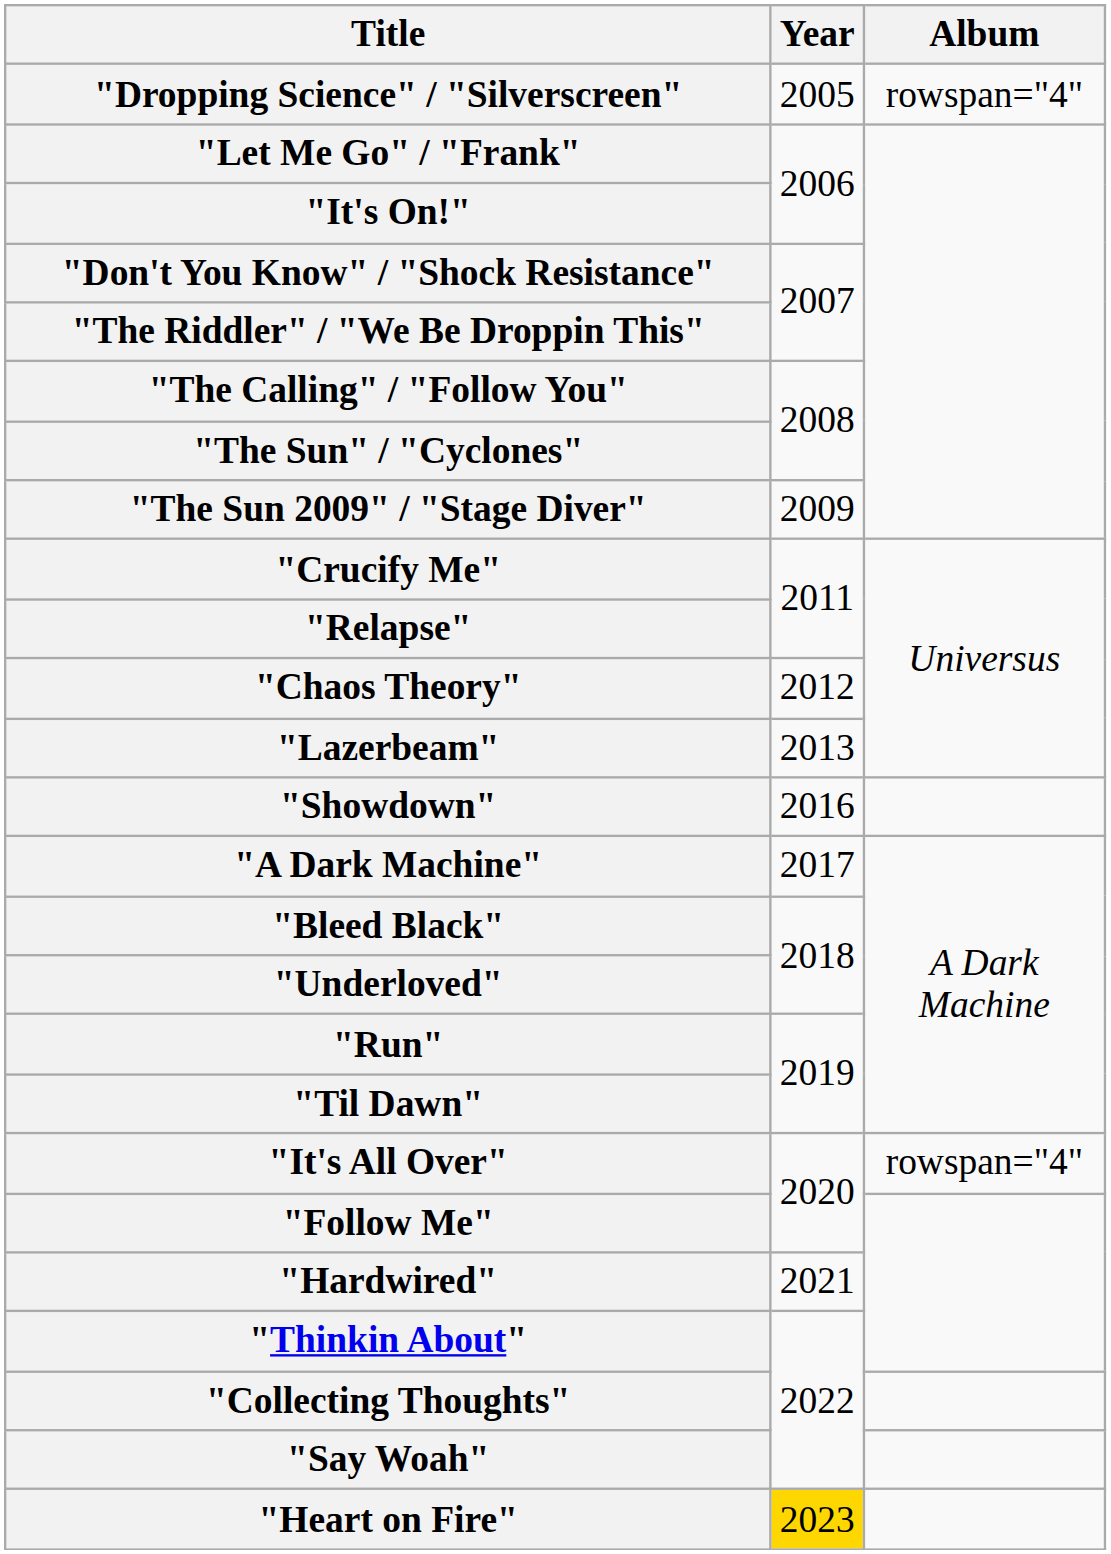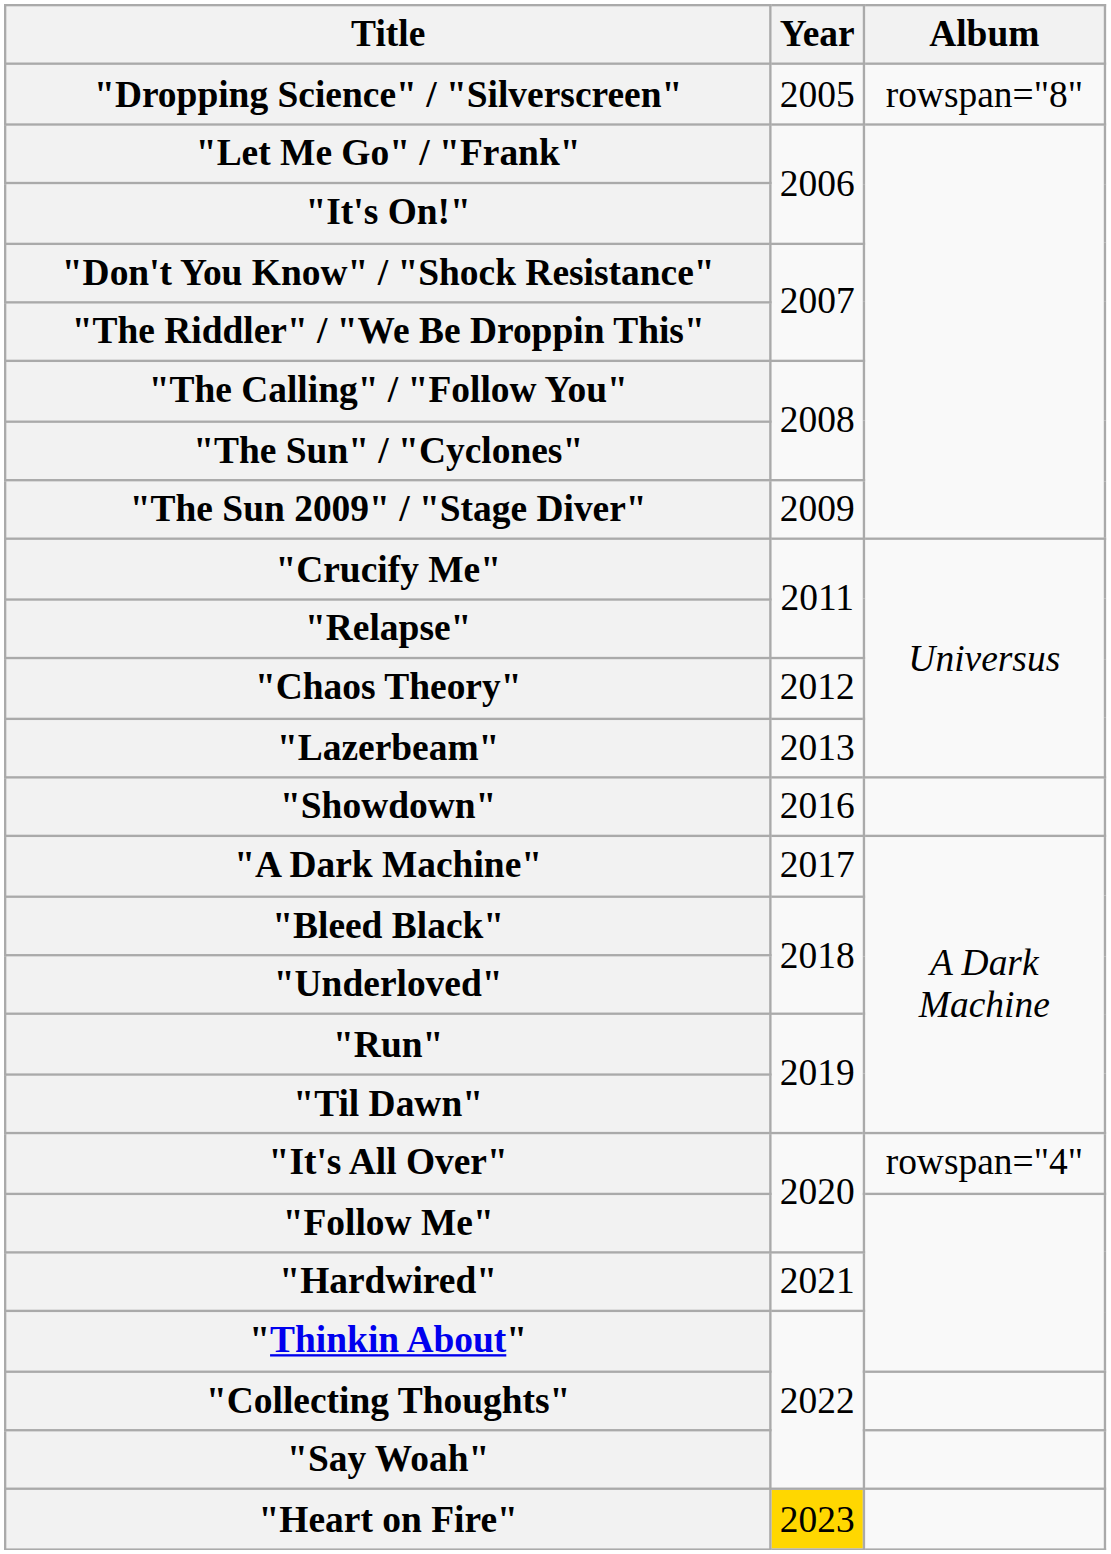 <table class="wikitable plainrowheaders" style="text-align:center;">
 <tr>
 <th scope="col" style="width:20em;">Title</th>
 <th scope="col" style="width:1em;">Year</th>
 <th scope="col" style="width:6em;">Album</th>
 </tr>
 <tr>
 <th scope="row">"Dropping Science" / "Silverscreen"</th>
 <td>2005</td>
-<td>rowspan="4" </td>
+<td>rowspan="8" </td>
 </tr>
 <tr>
 <th scope="row">"Let Me Go" / "Frank"</th>
 <td rowspan="2">2006</td>
 </tr>
 <tr>
 <th scope="row">"It's On!"</th>
 </tr>
 <tr>
 <th scope="row">"Don't You Know" / "Shock Resistance" </th>
 <td rowspan="2">2007</td>
 </tr>
 <tr>
 <th scope="row">"The Riddler" / "We Be Droppin This"</th>
 </tr>
 <tr>
 <th scope="row">"The Calling" / "Follow You"</th>
 <td rowspan="2">2008</td>
 </tr>
 <tr>
 <th scope="row">"The Sun" / "Cyclones" </th>
 </tr>
 <tr>
 <th scope="row">"The Sun 2009" / "Stage Diver" </th>
 <td>2009</td>
 </tr>
 <tr>
 <th scope="row">"Crucify Me"<br></th>
 <td rowspan="2">2011</td>
 <td rowspan="4"><em>Universus</em></td>
 </tr>
 <tr>
 <th scope="row">"Relapse"<br></th>
 </tr>
 <tr>
 <th scope="row">"Chaos Theory"</th>
 <td>2012</td>
 </tr>
 <tr>
 <th scope="row">"Lazerbeam"<br></th>
 <td>2013</td>
 </tr>
 <tr>
 <th scope="row">"Showdown"<br></th>
 <td>2016</td>
 <td></td>
 </tr>
 <tr>
 <th scope="row">"A Dark Machine"<br></th>
 <td>2017</td>
 <td rowspan="5"><em>A Dark Machine</em></td>
 </tr>
 <tr>
 <th scope="row">"Bleed Black"<br></th>
 <td rowspan="2">2018</td>
 </tr>
 <tr>
 <th scope="row">"Underloved"<br></th>
 </tr>
 <tr>
 <th scope="row">"Run"<br></th>
 <td rowspan="2">2019</td>
 </tr>
 <tr>
 <th scope="row">"Til Dawn"</th>
 </tr>
 <tr>
 <th scope="row">"It's All Over"</th>
 <td rowspan="2">2020</td>
 <td>rowspan="4" </td>
 </tr>
 <tr>
 <th scope="row">"Follow Me"</th>
 </tr>
 <tr>
 <th scope="row">"Hardwired"<br></th>
 <td>2021</td>
 </tr>
 <tr>
 <th scope="row">"<a href='#'>Thinkin About</a>"<br></th>
 <td rowspan="3">2022</td>
 </tr>
 <tr>
 <th scope="row">"Collecting Thoughts"<br></th>
 <td></td>
 </tr>
 <tr>
 <th scope="row">"Say Woah"</th>
 <td></td>
 </tr>
 <tr>
 <th scope="row">"Heart on Fire"<br></th>
 <td style="background: gold;">2023</td>
 <td></td>
 </tr>
 </table>
